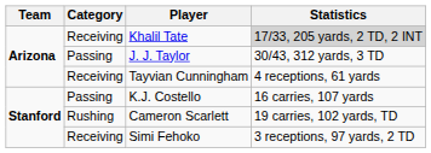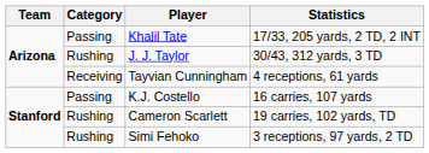 <table class="wikitable" style="float: right;">
 <tr>
 <th>Team</th>
 <th>Category</th>
 <th>Player</th>
 <th>Statistics</th>
 </tr>
 <tr>
 <td rowspan=3><strong>Arizona</strong></td>
-<td>Receiving</td>
+<td>Passing</td>
 <td><a href='#'>Khalil Tate</a></td>
-<td style="background: lightgrey;">17/33, 205 yards, 2 TD, 2 INT</td>
+<td>17/33, 205 yards, 2 TD, 2 INT</td>
 </tr>
 <tr>
-<td>Passing</td>
+<td>Rushing</td>
 <td><a href='#'>J. J. Taylor</a></td>
 <td>30/43, 312 yards, 3 TD</td>
 </tr>
 <tr>
 <td>Receiving</td>
 <td>Tayvian Cunningham</td>
 <td>4 receptions, 61 yards</td>
 </tr>
 <tr>
 <td rowspan=3><strong>Stanford</strong></td>
 <td>Passing</td>
 <td>K.J. Costello</td>
 <td>16 carries, 107 yards</td>
 </tr>
 <tr>
 <td>Rushing</td>
 <td>Cameron Scarlett</td>
 <td>19 carries, 102 yards, TD</td>
 </tr>
 <tr>
-<td>Receiving</td>
+<td>Rushing</td>
 <td>Simi Fehoko</td>
 <td>3 receptions, 97 yards, 2 TD</td>
 </tr>
 </table>
